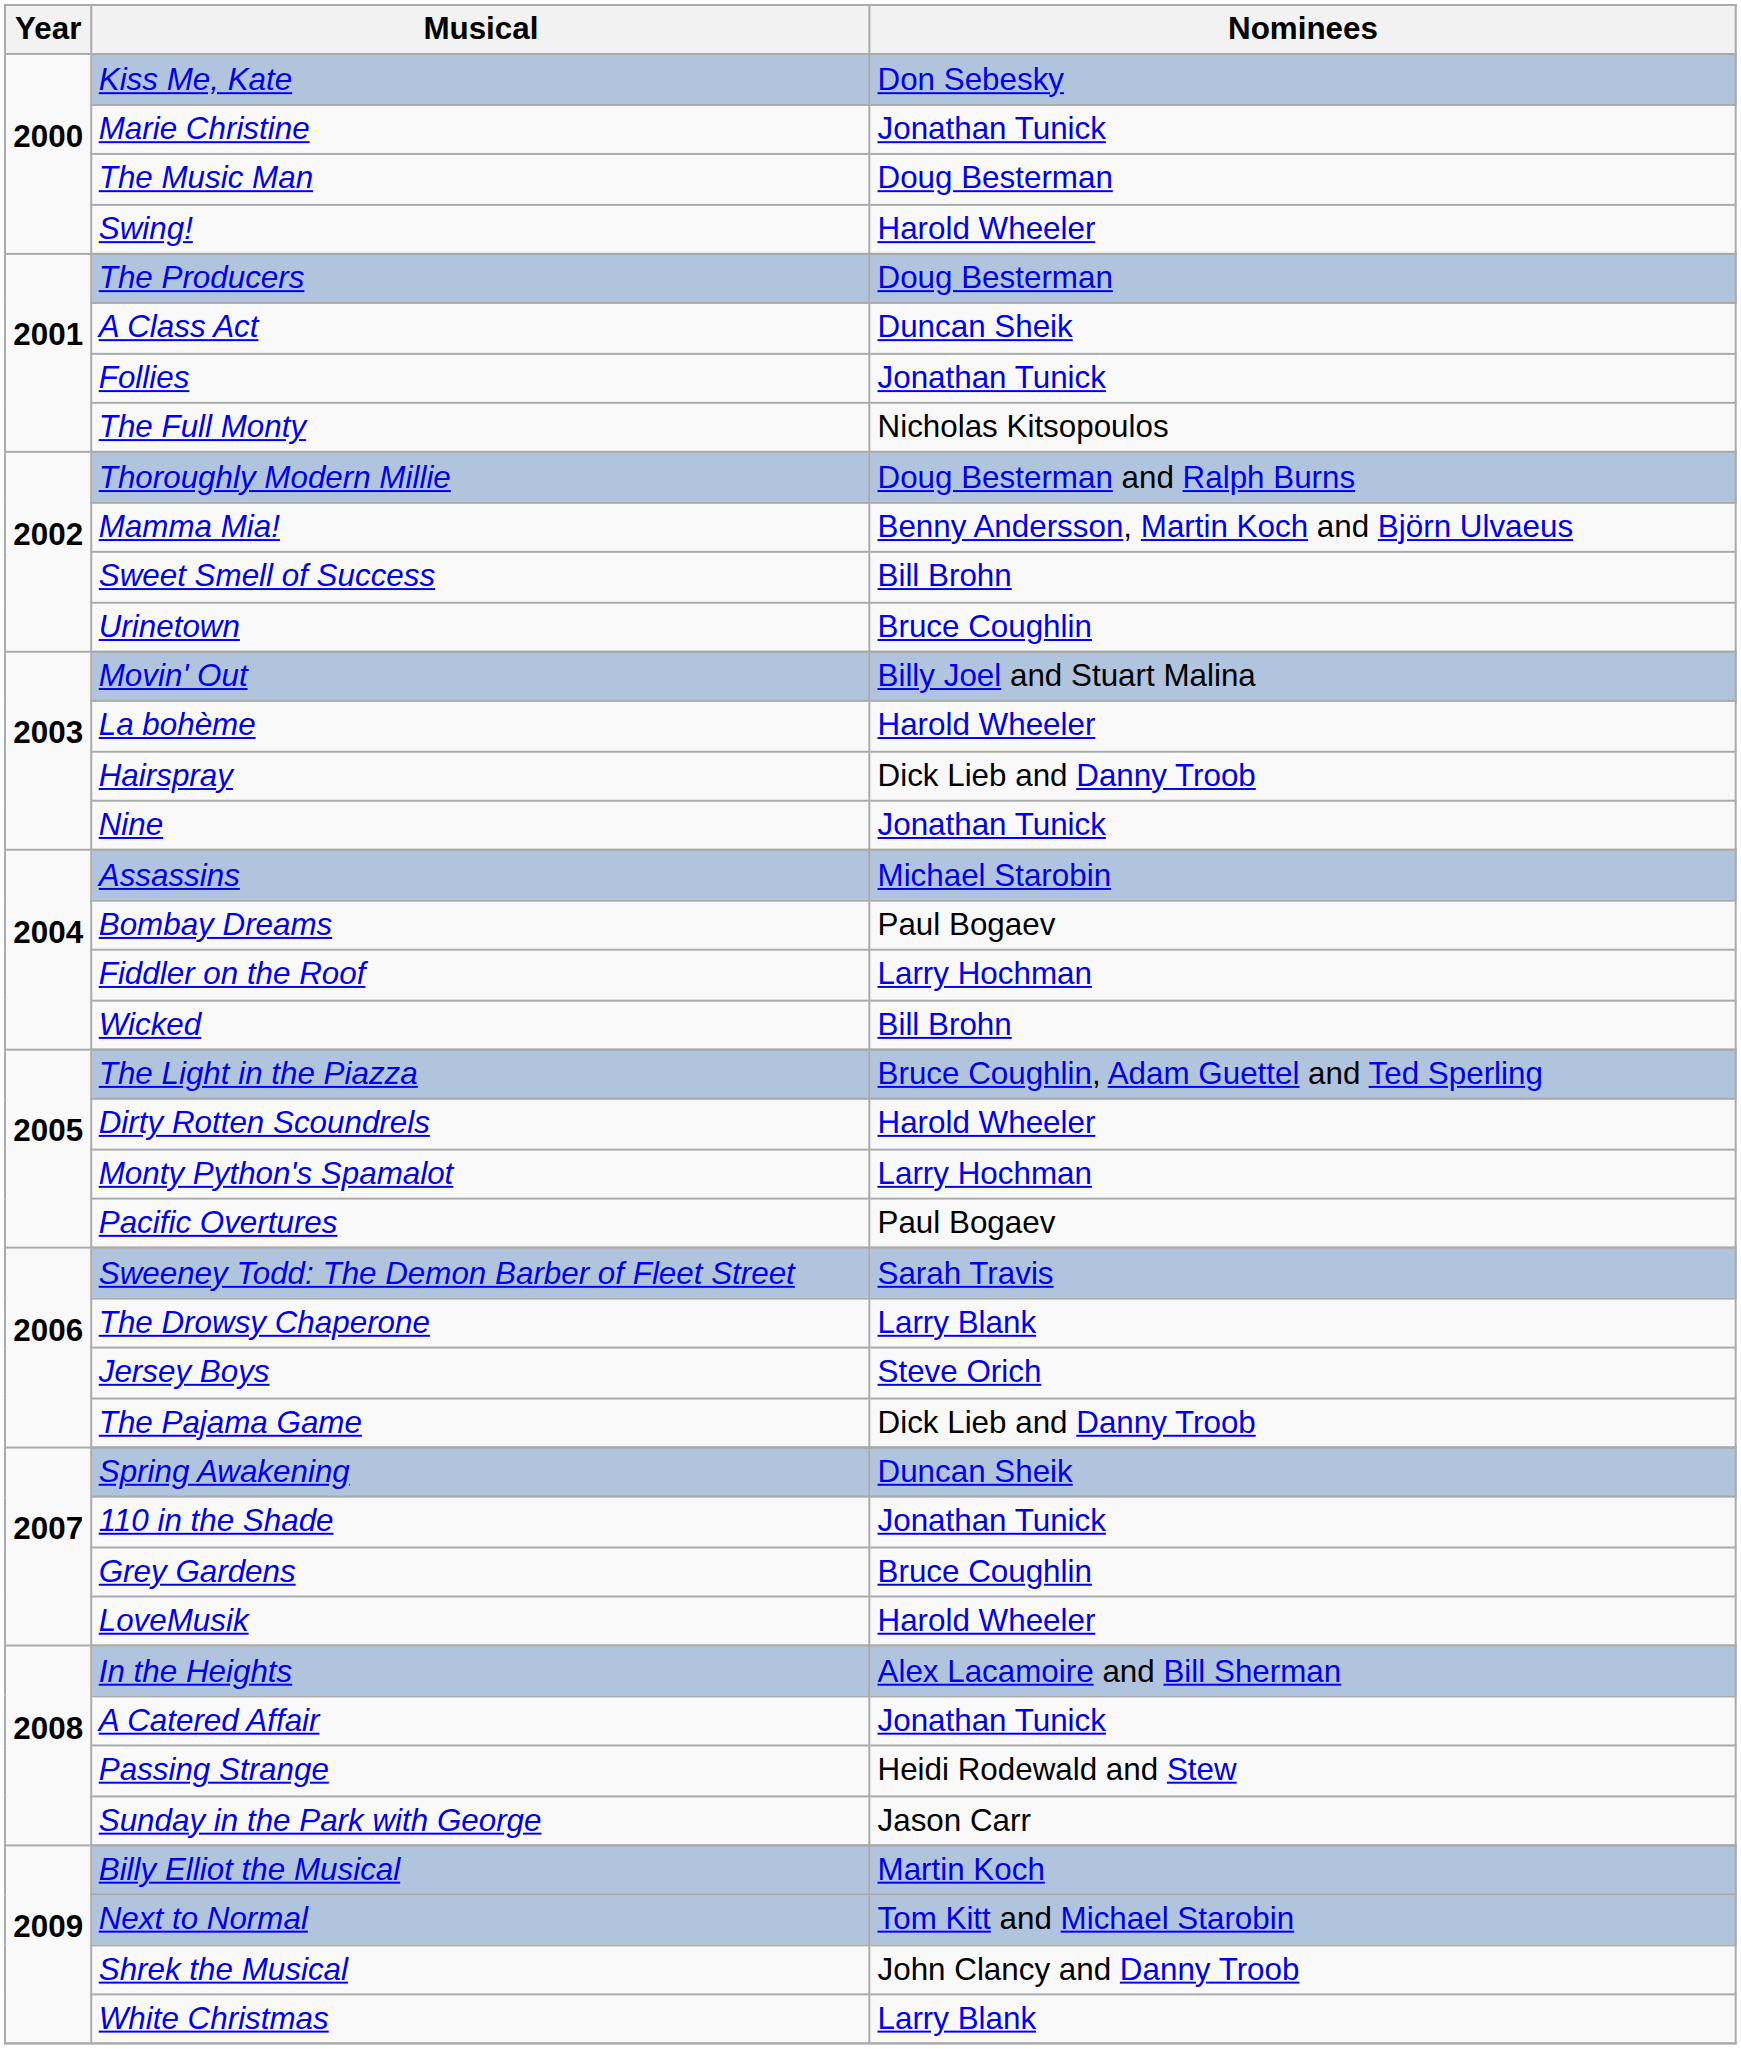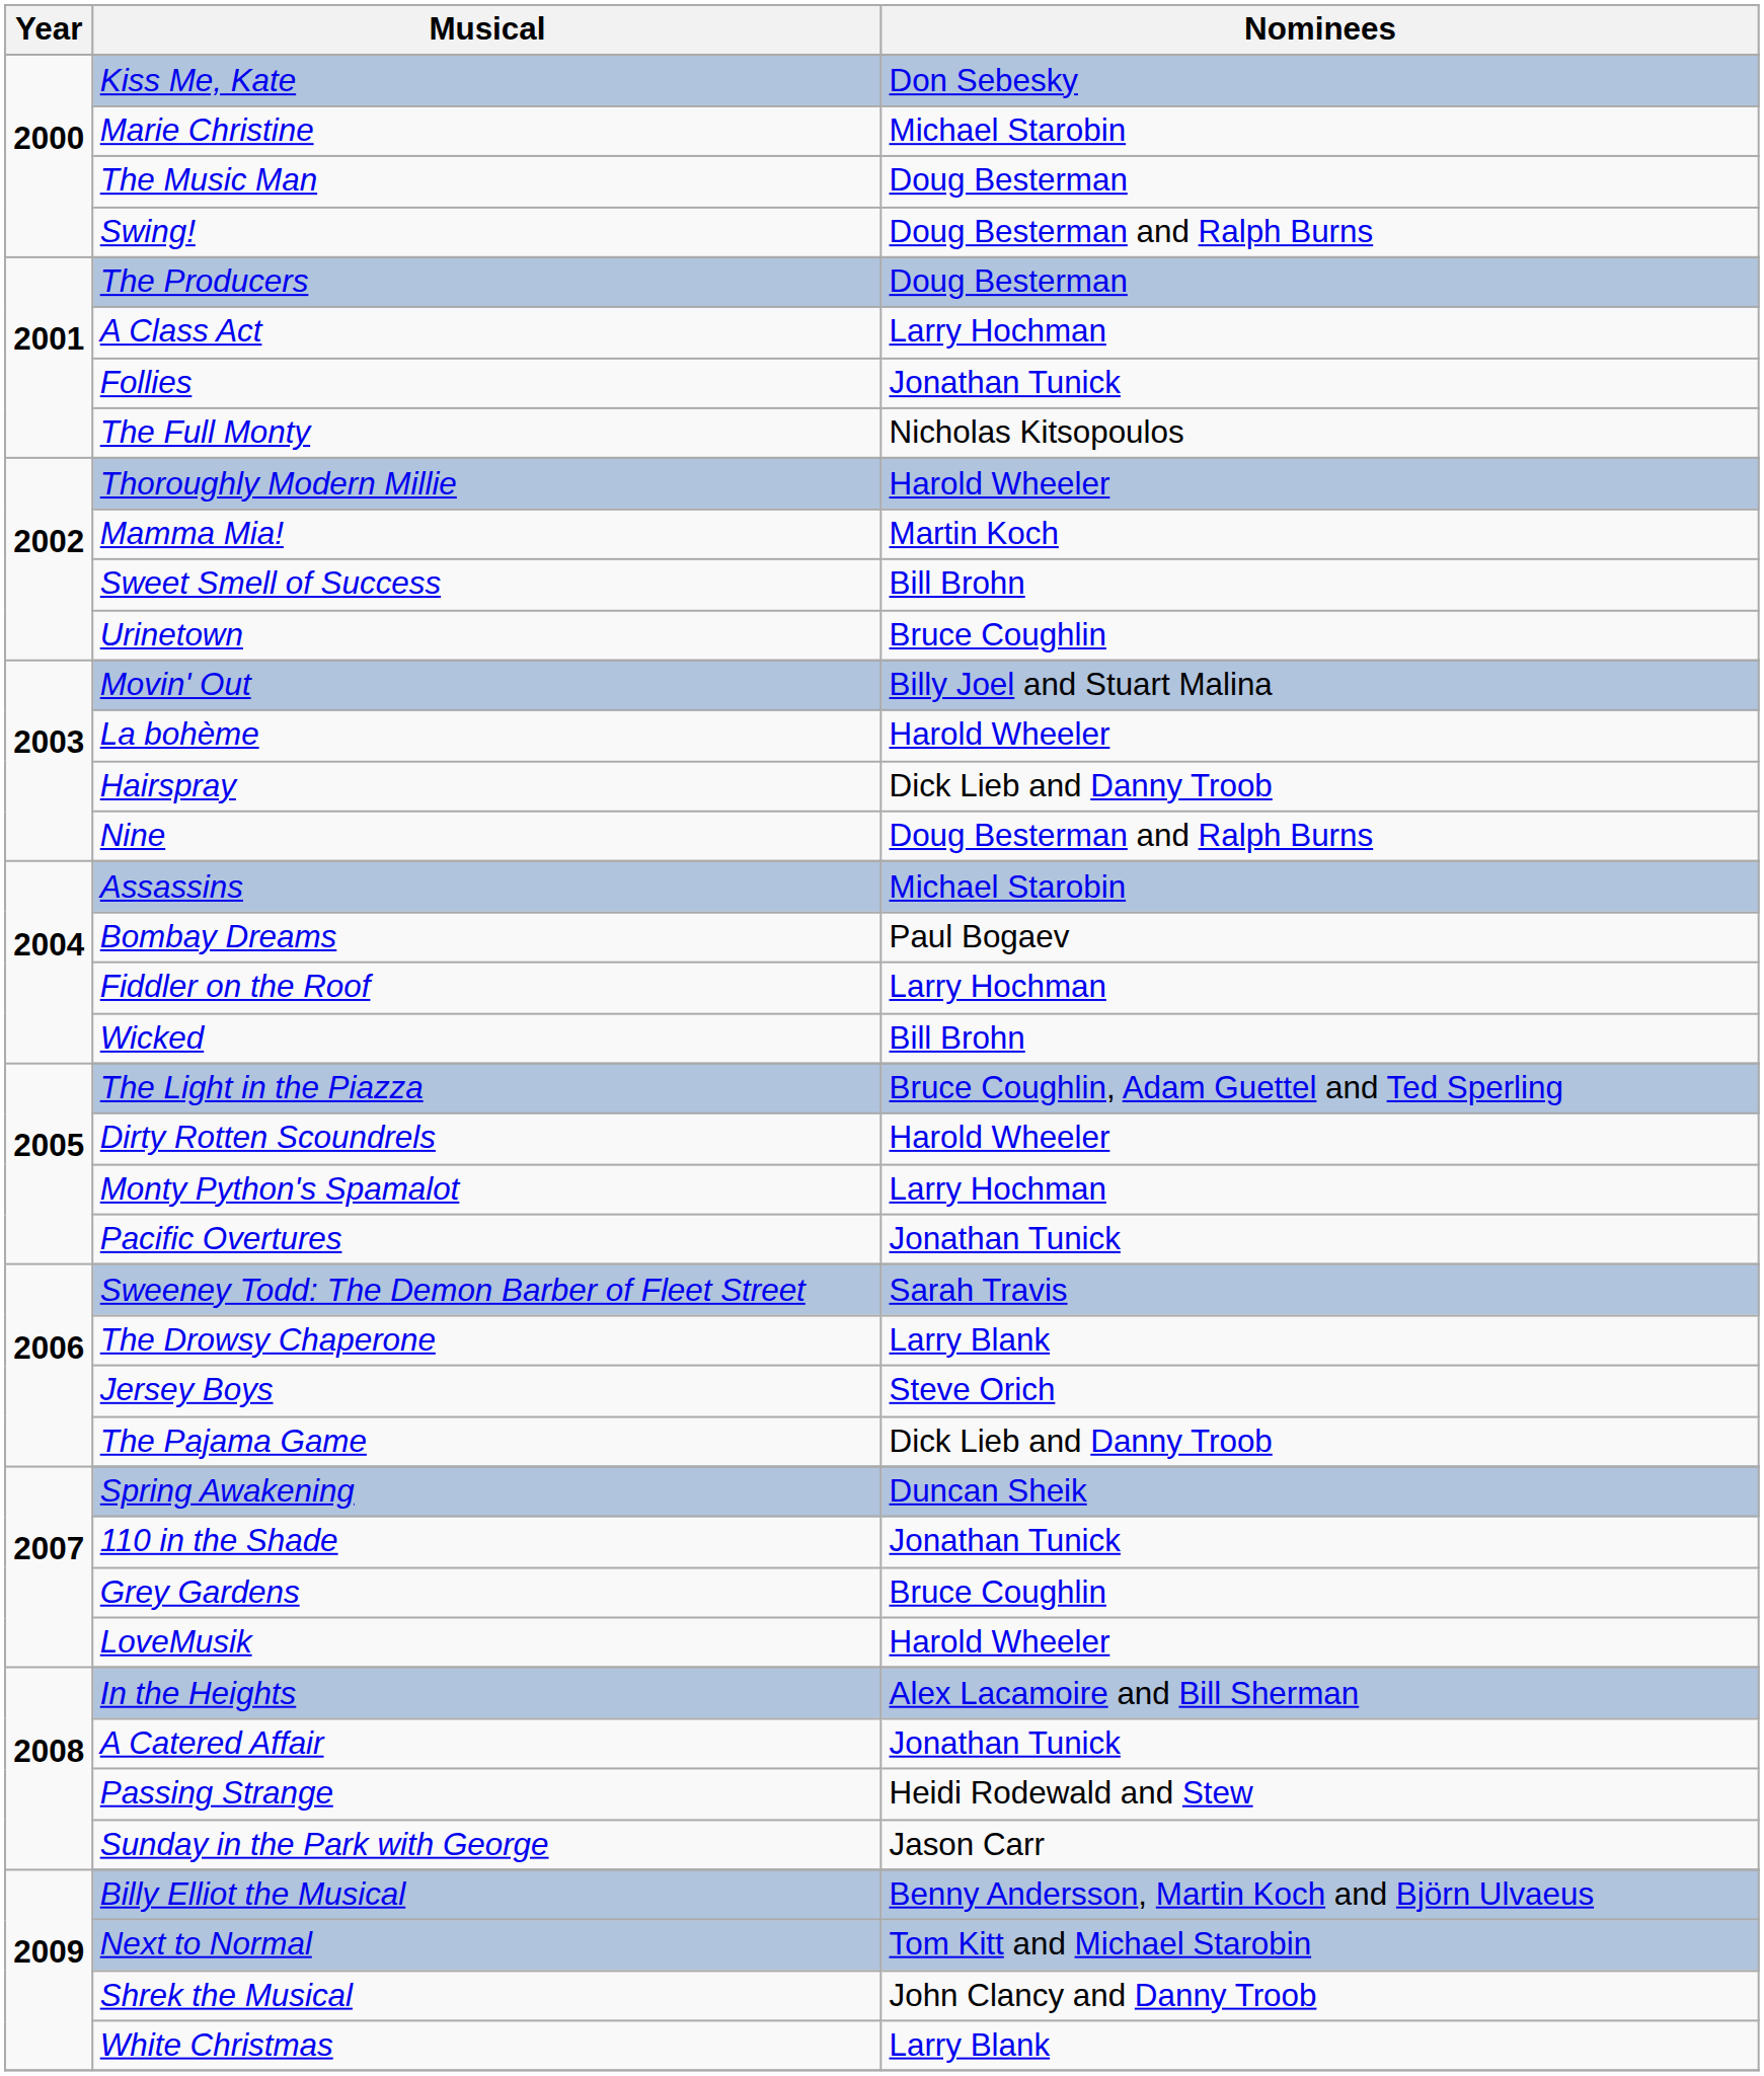 <table class="wikitable" style="width:100%;">
 <tr style="background:#bebebe;">
 <th style="width:5%;">Year</th>
 <th style="width:45%;">Musical</th>
 <th style="width:60%;">Nominees</th>
 </tr>
 <tr>
 <td rowspan="5" align="center"><strong>2000</strong><br><br></td>
 </tr>
 <tr style="background:#B0C4DE">
 <td><em><a href='#'>Kiss Me, Kate</a></em></td>
 <td><a href='#'>Don Sebesky</a></td>
 </tr>
 <tr>
 <td><em><a href='#'>Marie Christine</a></em></td>
-<td><a href='#'>Jonathan Tunick</a></td>
+<td><a href='#'>Michael Starobin</a></td>
 </tr>
 <tr>
 <td><em><a href='#'>The Music Man</a></em></td>
 <td><a href='#'>Doug Besterman</a></td>
 </tr>
 <tr>
 <td><em><a href='#'>Swing!</a></em></td>
-<td><a href='#'>Harold Wheeler</a></td>
+<td><a href='#'>Doug Besterman</a> and <a href='#'>Ralph Burns</a></td>
 </tr>
 <tr>
 <td rowspan="5" align="center"><strong>2001</strong><br><br></td>
 </tr>
 <tr style="background:#B0C4DE">
 <td><em><a href='#'>The Producers</a></em></td>
 <td><a href='#'>Doug Besterman</a></td>
 </tr>
 <tr>
 <td><em><a href='#'>A Class Act</a></em></td>
-<td><a href='#'>Duncan Sheik</a></td>
+<td><a href='#'>Larry Hochman</a></td>
 </tr>
 <tr>
 <td><em><a href='#'>Follies</a></em></td>
 <td><a href='#'>Jonathan Tunick</a></td>
 </tr>
 <tr>
 <td><em><a href='#'>The Full Monty</a></em></td>
 <td>Nicholas Kitsopoulos</td>
 </tr>
 <tr>
 <td rowspan="5" align="center"><strong>2002</strong><br><br></td>
 </tr>
 <tr style="background:#B0C4DE">
 <td><em><a href='#'>Thoroughly Modern Millie</a></em></td>
-<td><a href='#'>Doug Besterman</a> and <a href='#'>Ralph Burns</a></td>
+<td><a href='#'>Harold Wheeler</a></td>
 </tr>
 <tr>
 <td><em><a href='#'>Mamma Mia!</a></em></td>
-<td><a href='#'>Benny Andersson</a>, <a href='#'>Martin Koch</a> and <a href='#'>Björn Ulvaeus</a></td>
+<td><a href='#'>Martin Koch</a></td>
 </tr>
 <tr>
 <td><em><a href='#'>Sweet Smell of Success</a></em></td>
 <td><a href='#'>Bill Brohn</a></td>
 </tr>
 <tr>
 <td><em><a href='#'>Urinetown</a></em></td>
 <td><a href='#'>Bruce Coughlin</a></td>
 </tr>
 <tr>
 <td rowspan="5" align="center"><strong>2003</strong><br><br></td>
 </tr>
 <tr style="background:#B0C4DE">
 <td><em><a href='#'>Movin' Out</a></em></td>
 <td><a href='#'>Billy Joel</a> and Stuart Malina</td>
 </tr>
 <tr>
 <td><em><a href='#'>La bohème</a></em></td>
 <td><a href='#'>Harold Wheeler</a></td>
 </tr>
 <tr>
 <td><em><a href='#'>Hairspray</a></em></td>
 <td>Dick Lieb and <a href='#'>Danny Troob</a></td>
 </tr>
 <tr>
 <td><em><a href='#'>Nine</a></em></td>
-<td><a href='#'>Jonathan Tunick</a></td>
+<td><a href='#'>Doug Besterman</a> and <a href='#'>Ralph Burns</a></td>
 </tr>
 <tr>
 <td rowspan="5" align="center"><strong>2004</strong><br><br></td>
 </tr>
 <tr style="background:#B0C4DE">
 <td><em><a href='#'>Assassins</a></em></td>
 <td><a href='#'>Michael Starobin</a></td>
 </tr>
 <tr>
 <td><em><a href='#'>Bombay Dreams</a></em></td>
 <td>Paul Bogaev</td>
 </tr>
 <tr>
 <td><em><a href='#'>Fiddler on the Roof</a></em></td>
 <td><a href='#'>Larry Hochman</a></td>
 </tr>
 <tr>
 <td><em><a href='#'>Wicked</a></em></td>
 <td><a href='#'>Bill Brohn</a></td>
 </tr>
 <tr>
 <td rowspan="5" align="center"><strong>2005</strong><br><br></td>
 </tr>
 <tr style="background:#B0C4DE">
 <td><em><a href='#'>The Light in the Piazza</a></em></td>
 <td><a href='#'>Bruce Coughlin</a>, <a href='#'>Adam Guettel</a> and <a href='#'>Ted Sperling</a></td>
 </tr>
 <tr>
 <td><em><a href='#'>Dirty Rotten Scoundrels</a></em></td>
 <td><a href='#'>Harold Wheeler</a></td>
 </tr>
 <tr>
 <td><em><a href='#'>Monty Python's Spamalot</a></em></td>
 <td><a href='#'>Larry Hochman</a></td>
 </tr>
 <tr>
 <td><em><a href='#'>Pacific Overtures</a></em></td>
-<td>Paul Bogaev</td>
+<td><a href='#'>Jonathan Tunick</a></td>
 </tr>
 <tr>
 <td rowspan="5" align="center"><strong>2006</strong><br><br></td>
 </tr>
 <tr style="background:#B0C4DE">
 <td><em><a href='#'>Sweeney Todd: The Demon Barber of Fleet Street</a></em></td>
 <td><a href='#'>Sarah Travis</a></td>
 </tr>
 <tr>
 <td><em><a href='#'>The Drowsy Chaperone</a></em></td>
 <td><a href='#'>Larry Blank</a></td>
 </tr>
 <tr>
 <td><em><a href='#'>Jersey Boys</a></em></td>
 <td><a href='#'>Steve Orich</a></td>
 </tr>
 <tr>
 <td><em><a href='#'>The Pajama Game</a></em></td>
 <td>Dick Lieb and <a href='#'>Danny Troob</a></td>
 </tr>
 <tr>
 <td rowspan="5" align="center"><strong>2007</strong><br><br></td>
 </tr>
 <tr style="background:#B0C4DE">
 <td><em><a href='#'>Spring Awakening</a></em></td>
 <td><a href='#'>Duncan Sheik</a></td>
 </tr>
 <tr>
 <td><em><a href='#'>110 in the Shade</a></em></td>
 <td><a href='#'>Jonathan Tunick</a></td>
 </tr>
 <tr>
 <td><em><a href='#'>Grey Gardens</a></em></td>
 <td><a href='#'>Bruce Coughlin</a></td>
 </tr>
 <tr>
 <td><em><a href='#'>LoveMusik</a></em></td>
 <td><a href='#'>Harold Wheeler</a></td>
 </tr>
 <tr>
 <td rowspan="5" align="center"><strong>2008</strong><br><br></td>
 </tr>
 <tr style="background:#B0C4DE">
 <td><em><a href='#'>In the Heights</a></em></td>
 <td><a href='#'>Alex Lacamoire</a> and <a href='#'>Bill Sherman</a></td>
 </tr>
 <tr>
 <td><em><a href='#'>A Catered Affair</a></em></td>
 <td><a href='#'>Jonathan Tunick</a></td>
 </tr>
 <tr>
 <td><em><a href='#'>Passing Strange</a></em></td>
 <td>Heidi Rodewald and <a href='#'>Stew</a></td>
 </tr>
 <tr>
 <td><em><a href='#'>Sunday in the Park with George</a></em></td>
 <td>Jason Carr</td>
 </tr>
 <tr>
 <td rowspan="5" align="center"><strong>2009</strong><br><br></td>
 </tr>
 <tr style="background:#B0C4DE">
 <td><em><a href='#'>Billy Elliot the Musical</a></em></td>
-<td><a href='#'>Martin Koch</a></td>
+<td><a href='#'>Benny Andersson</a>, <a href='#'>Martin Koch</a> and <a href='#'>Björn Ulvaeus</a></td>
 </tr>
 <tr style="background:#B0C4DE">
 <td><em><a href='#'>Next to Normal</a></em></td>
 <td><a href='#'>Tom Kitt</a> and <a href='#'>Michael Starobin</a></td>
 </tr>
 <tr>
 <td><em><a href='#'>Shrek the Musical</a></em></td>
 <td>John Clancy and <a href='#'>Danny Troob</a></td>
 </tr>
 <tr>
 <td><em><a href='#'>White Christmas</a></em></td>
 <td><a href='#'>Larry Blank</a></td>
 </tr>
 <tr>
 </tr>
 </table>
